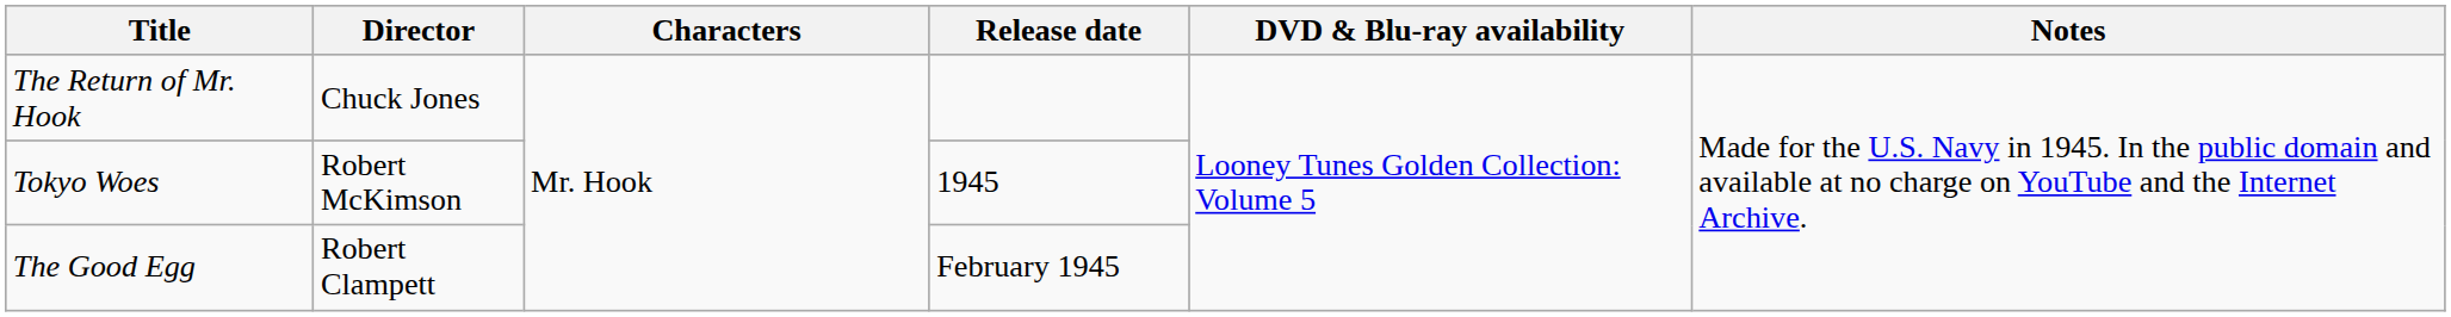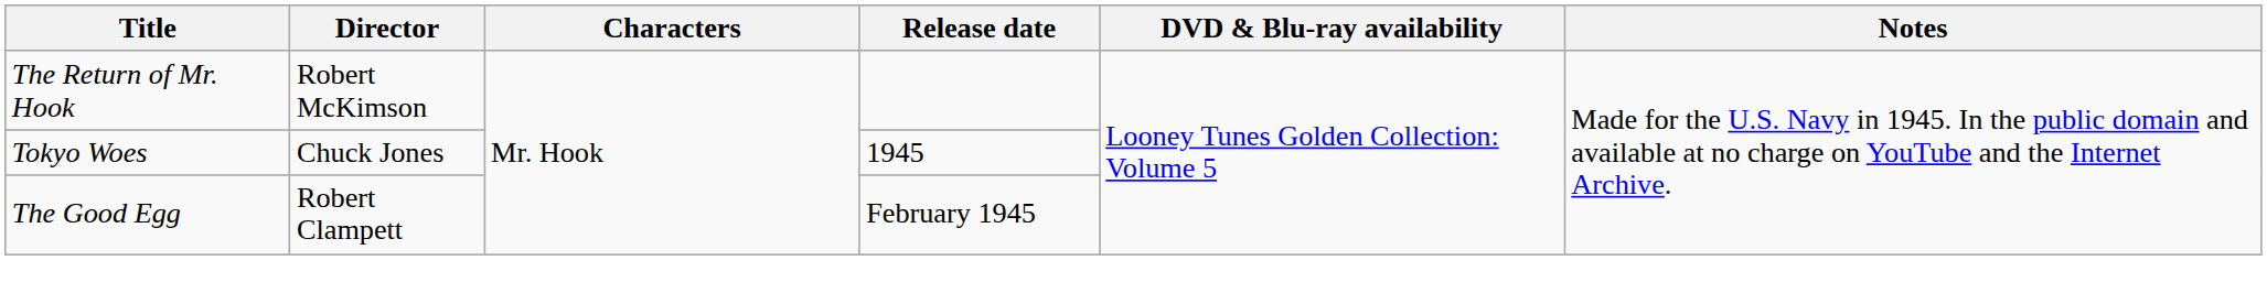 <table class="wikitable sortable">
 <tr>
 <th scope="col" style="width: 150px;">Title</th>
 <th scope="col" style="width: 100px;">Director</th>
 <th scope="col" style="width: 200px;">Characters</th>
 <th scope="col" style="width: 125px;">Release date</th>
 <th scope="col" style="width: 250px;">DVD & Blu-ray availability</th>
 <th>Notes</th>
 </tr>
 <tr>
 <td><em>The Return of Mr. Hook</em></td>
-<td>Chuck Jones</td>
+<td>Robert McKimson</td>
 <td rowspan="3">Mr. Hook</td>
 <td></td>
 <td rowspan="3"><a href='#'>Looney Tunes Golden Collection: Volume 5</a></td>
 <td rowspan="3">Made for the <a href='#'>U.S. Navy</a> in 1945. In the <a href='#'>public domain</a> and available at no charge on <a href='#'>YouTube</a> and the <a href='#'>Internet Archive</a>.</td>
 </tr>
 <tr>
 <td><em>Tokyo Woes</em></td>
-<td>Robert McKimson</td>
+<td>Chuck Jones</td>
 <td>1945</td>
 </tr>
 <tr>
 <td><em>The Good Egg</em></td>
 <td>Robert Clampett</td>
 <td>February 1945</td>
 </tr>
 </table>
